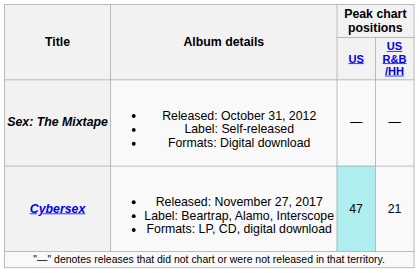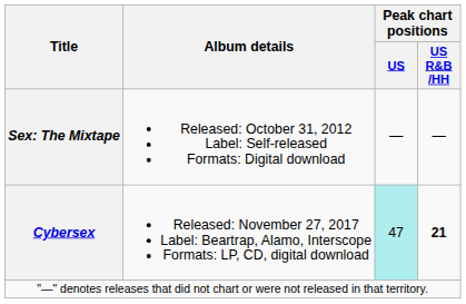 <table class="wikitable plainrowheaders" style="text-align:center;">
 <tr>
 <th scope="col" rowspan="2">Title</th>
 <th scope="col" rowspan="2">Album details</th>
 <th scope="col" colspan="2">Peak chart positions</th>
 </tr>
 <tr>
 <th scope="col" style="width:3em;font-size:90%;"><a href='#'>US</a><br></th>
 <th scope="col" style="width:3em;font-size:90%;"><a href='#'>US<br>R&B<br>/HH</a><br></th>
 </tr>
 <tr>
 <th scope="row"><em>Sex: The Mixtape</em></th>
 <td><br><ul><li>Released: October 31, 2012</li><li>Label: Self-released</li><li>Formats: Digital download</li></ul></td>
 <td>—</td>
 <td>—</td>
 </tr>
 <tr>
 <th scope="row"><em><a href='#'>Cybersex</a></em></th>
 <td><br><ul><li>Released: November 27, 2017</li><li>Label: Beartrap, Alamo, Interscope</li><li>Formats: LP, CD, digital download</li></ul></td>
 <td style="background: paleturquoise;">47</td>
-<td>21</td>
+<td><strong>21</strong></td>
 </tr>
 <tr>
 <td colspan="15" style="font-size:85%">"—" denotes releases that did not chart or were not released in that territory.</td>
 </tr>
 </table>
